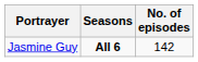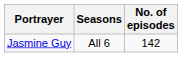 <table class="wikitable" style="text-align:justify;">
 <tr>
 <th>Portrayer</th>
 <th>Seasons</th>
 <th>No. of <br>episodes</th>
 </tr>
 <tr>
 <td><a href='#'>Jasmine Guy</a></td>
-<td align="center"123><strong>All 6</strong></td>
+<td align="center"123>All 6</td>
 <td align="center">142</td>
 </tr>
 </table>
